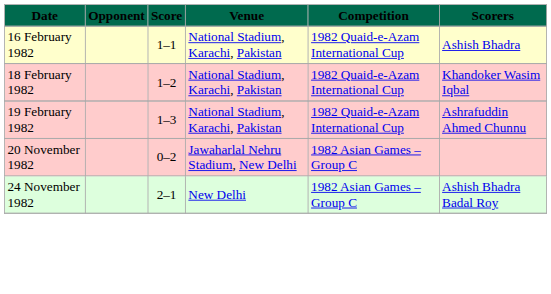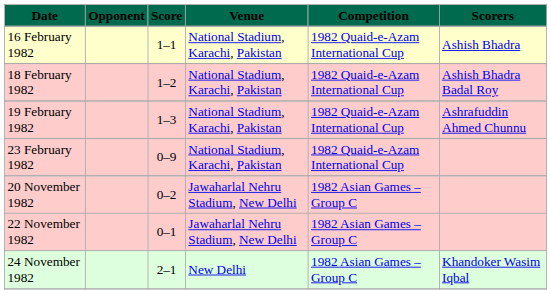 <table class="wikitable" width=100% style="text-align:left;font-size:95%;">
 <tr>
 <th style="background:#006a4e;"><span>Date</span></th>
 <th style="background:#006a4e;"><span>Opponent</span></th>
 <th style="background:#006a4e;"><span>Score</span></th>
 <th style="background:#006a4e;"><span>Venue</span></th>
 <th style="background:#006a4e;"><span>Competition</span></th>
 <th style="background:#006a4e;"><span>Scorers</span></th>
 </tr>
 <tr>
 </tr>
 <tr style="background:#ffc;">
 <td>16 February 1982</td>
 <td></td>
 <td style="text-align: center">1–1</td>
 <td> <a href='#'>National Stadium</a>, <a href='#'>Karachi</a>, <a href='#'>Pakistan</a></td>
 <td><a href='#'>1982 Quaid-e-Azam International Cup</a></td>
 <td><a href='#'>Ashish Bhadra</a> </td>
 </tr>
 <tr>
 </tr>
 <tr style="background:#fcc;">
 <td>18 February 1982</td>
 <td></td>
 <td style="text-align: center">1–2</td>
 <td> <a href='#'>National Stadium</a>, <a href='#'>Karachi</a>, <a href='#'>Pakistan</a></td>
 <td><a href='#'>1982 Quaid-e-Azam International Cup</a></td>
-<td><a href='#'>Khandoker Wasim Iqbal</a> </td>
+<td><a href='#'>Ashish Bhadra</a>  <br> <a href='#'>Badal Roy</a> </td>
 </tr>
 <tr>
 </tr>
 <tr style="background:#fcc;">
 <td>19 February 1982</td>
 <td></td>
 <td style="text-align: center">1–3</td>
 <td> <a href='#'>National Stadium</a>, <a href='#'>Karachi</a>, <a href='#'>Pakistan</a></td>
 <td><a href='#'>1982 Quaid-e-Azam International Cup</a></td>
 <td><a href='#'>Ashrafuddin Ahmed Chunnu</a> </td>
 </tr>
 <tr>
 </tr>
+<tr style="background:#fcc;">
+<td>23 February 1982</td>
+<td></td>
+<td style="text-align: center">0–9</td>
+<td> <a href='#'>National Stadium</a>, <a href='#'>Karachi</a>, <a href='#'>Pakistan</a></td>
+<td><a href='#'>1982 Quaid-e-Azam International Cup</a></td>
+<td></td>
+</tr>
 <tr>
 </tr>
 <tr style="background:#fcc;">
 <td>20 November 1982</td>
 <td></td>
 <td style="text-align: center">0–2</td>
 <td> <a href='#'>Jawaharlal Nehru Stadium</a>, <a href='#'>New Delhi</a></td>
 <td><a href='#'>1982 Asian Games – Group C</a></td>
 <td></td>
 </tr>
+<tr style="background:#fcc;">
+<td>22 November 1982</td>
+<td></td>
+<td style="text-align: center">0–1</td>
+<td> <a href='#'>Jawaharlal Nehru Stadium</a>, <a href='#'>New Delhi</a></td>
+<td><a href='#'>1982 Asian Games – Group C</a></td>
+<td></td>
+</tr>
 <tr style="background:#dfd;">
 <td>24 November 1982</td>
 <td></td>
 <td style="text-align: center">2–1</td>
 <td> <a href='#'>New Delhi</a></td>
 <td><a href='#'>1982 Asian Games – Group C</a></td>
-<td><a href='#'>Ashish Bhadra</a>  <br> <a href='#'>Badal Roy</a> </td>
+<td><a href='#'>Khandoker Wasim Iqbal</a> </td>
 </tr>
 <tr>
 </tr>
 </table>
